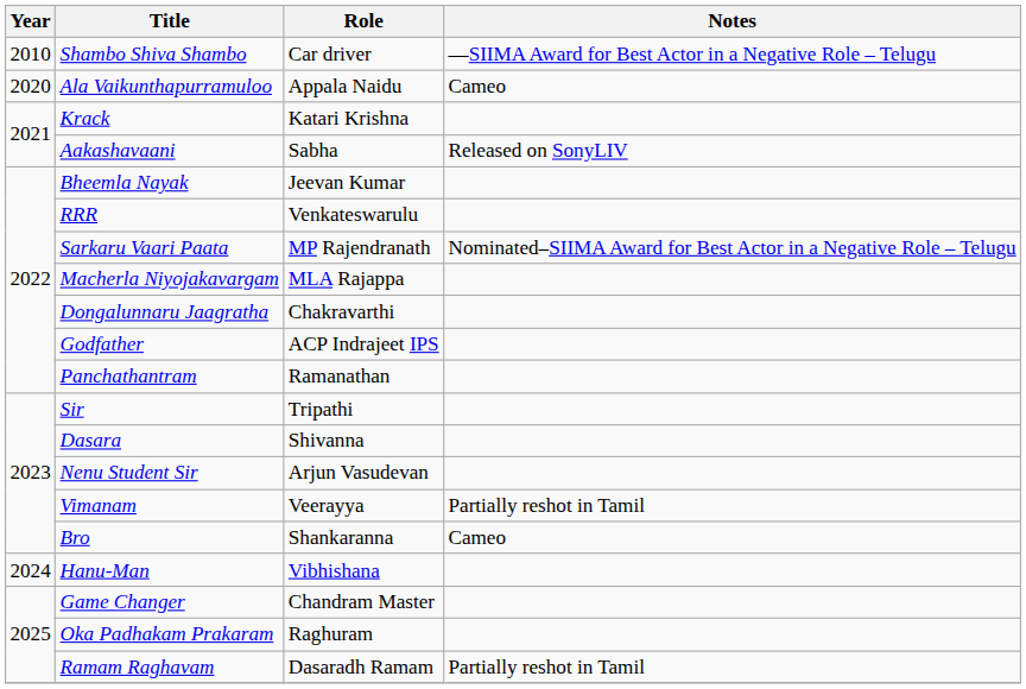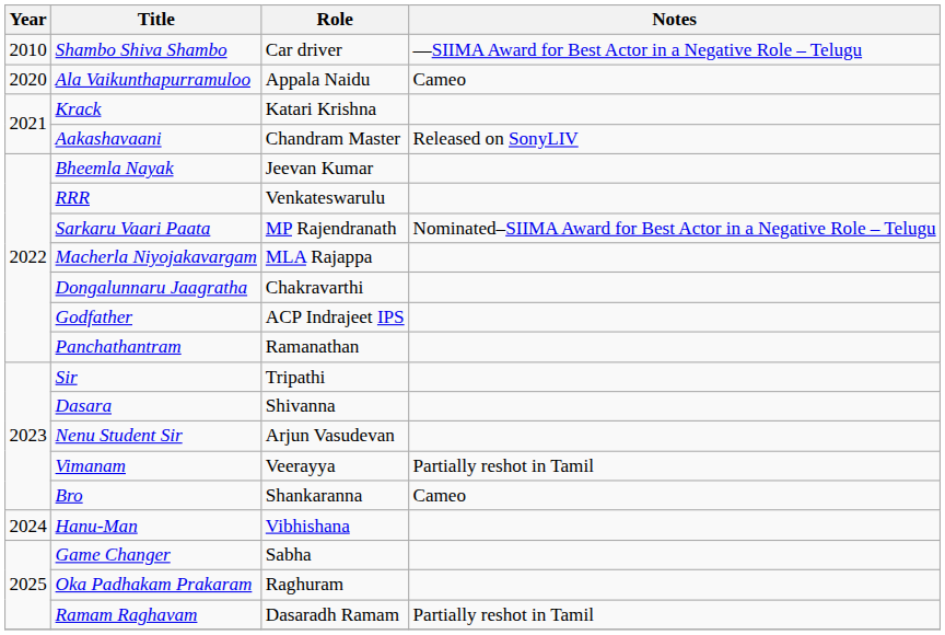 <table class="wikitable sortable">
 <tr>
 <th scope="col">Year</th>
 <th scope="col">Title</th>
 <th scope="col">Role</th>
 <th class="unsortable" scope="col">Notes</th>
 </tr>
 <tr>
 <td rowspan="1">2010</td>
 <td><em><a href='#'>Shambo Shiva Shambo</a></em></td>
 <td>Car driver</td>
 <td>—<a href='#'>SIIMA Award for Best Actor in a Negative Role – Telugu</a></td>
 </tr>
 <tr>
 <td>2020</td>
 <td><em><a href='#'>Ala Vaikunthapurramuloo</a></em></td>
 <td>Appala Naidu</td>
 <td>Cameo</td>
 </tr>
 <tr>
 <td rowspan="2">2021</td>
 <td><em><a href='#'>Krack</a></em></td>
 <td>Katari Krishna</td>
 <td></td>
 </tr>
 <tr>
 <td><em><a href='#'>Aakashavaani</a></em></td>
-<td>Sabha</td>
+<td>Chandram Master</td>
 <td>Released on <a href='#'>SonyLIV</a></td>
 </tr>
 <tr>
 <td rowspan="7">2022</td>
 <td><em><a href='#'>Bheemla Nayak</a></em></td>
 <td>Jeevan Kumar</td>
 <td></td>
 </tr>
 <tr>
 <td><em><a href='#'>RRR</a></em></td>
 <td>Venkateswarulu</td>
 <td></td>
 </tr>
 <tr>
 <td><em><a href='#'>Sarkaru Vaari Paata</a></em></td>
 <td><a href='#'>MP</a> Rajendranath</td>
 <td>Nominated–<a href='#'>SIIMA Award for Best Actor in a Negative Role – Telugu</a></td>
 </tr>
 <tr>
 <td><em><a href='#'>Macherla Niyojakavargam</a></em></td>
 <td><a href='#'>MLA</a> Rajappa</td>
 <td></td>
 </tr>
 <tr>
 <td><em><a href='#'>Dongalunnaru Jaagratha</a></em></td>
 <td>Chakravarthi</td>
 <td></td>
 </tr>
 <tr>
 <td><em><a href='#'>Godfather</a></em></td>
 <td>ACP Indrajeet <a href='#'>IPS</a></td>
 <td></td>
 </tr>
 <tr>
 <td><em><a href='#'>Panchathantram</a></em></td>
 <td>Ramanathan</td>
 <td></td>
 </tr>
 <tr>
 <td rowspan="5">2023</td>
 <td><em><a href='#'>Sir</a></em></td>
 <td>Tripathi</td>
 <td></td>
 </tr>
 <tr>
 <td><em><a href='#'>Dasara</a></em></td>
 <td>Shivanna</td>
 <td></td>
 </tr>
 <tr>
 <td><em><a href='#'>Nenu Student Sir</a></em></td>
 <td>Arjun Vasudevan</td>
 <td></td>
 </tr>
 <tr>
 <td><em><a href='#'>Vimanam</a></em></td>
 <td>Veerayya</td>
 <td>Partially reshot in Tamil</td>
 </tr>
 <tr>
 <td><em><a href='#'>Bro</a></em></td>
 <td>Shankaranna</td>
 <td>Cameo</td>
 </tr>
 <tr>
 <td rowspan=1>2024</td>
 <td><em><a href='#'>Hanu-Man</a></em></td>
 <td><a href='#'>Vibhishana</a></td>
 <td></td>
 </tr>
 <tr>
 <td rowspan="3">2025</td>
 <td><a href='#'><em>Game Changer</em></a></td>
-<td>Chandram Master</td>
+<td>Sabha</td>
 <td></td>
 </tr>
 <tr>
 <td><em><a href='#'>Oka Padhakam Prakaram</a></em></td>
 <td>Raghuram</td>
 <td></td>
 </tr>
 <tr>
 <td><em><a href='#'>Ramam Raghavam</a></em></td>
 <td>Dasaradh Ramam</td>
 <td>Partially reshot in Tamil</td>
 </tr>
 <tr>
 </tr>
 </table>
